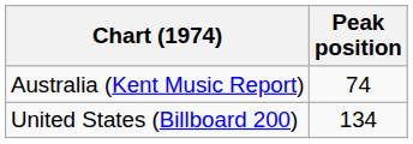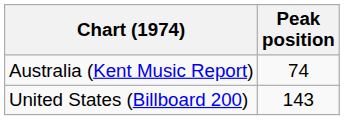 <table class="wikitable">
 <tr>
 <th scope="col">Chart (1974)</th>
 <th>Peak<br>position</th>
 </tr>
 <tr>
 <td>Australia (<a href='#'>Kent Music Report</a>)</td>
 <td style="text-align:center;">74</td>
 </tr>
 <tr>
 <td>United States (<a href='#'>Billboard 200</a>)</td>
-<td style="text-align:center;">134</td>
+<td style="text-align:center;">143</td>
 </tr>
 </table>
